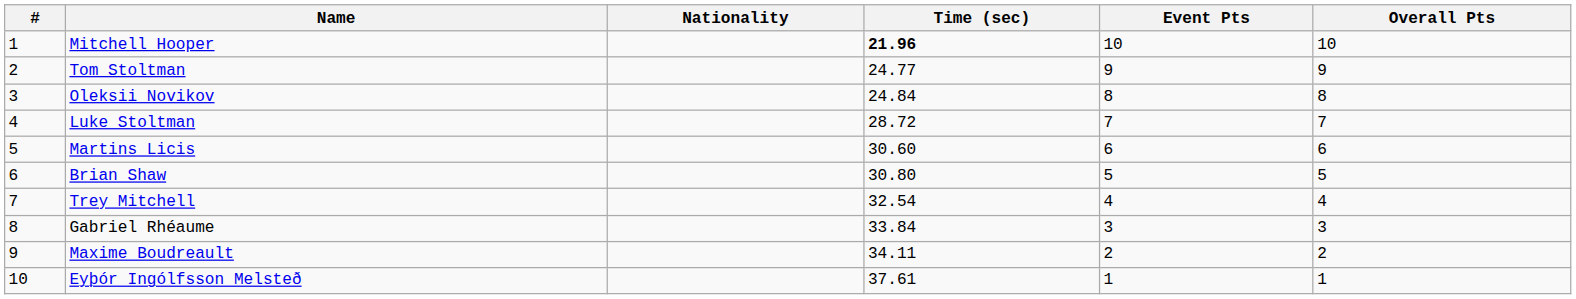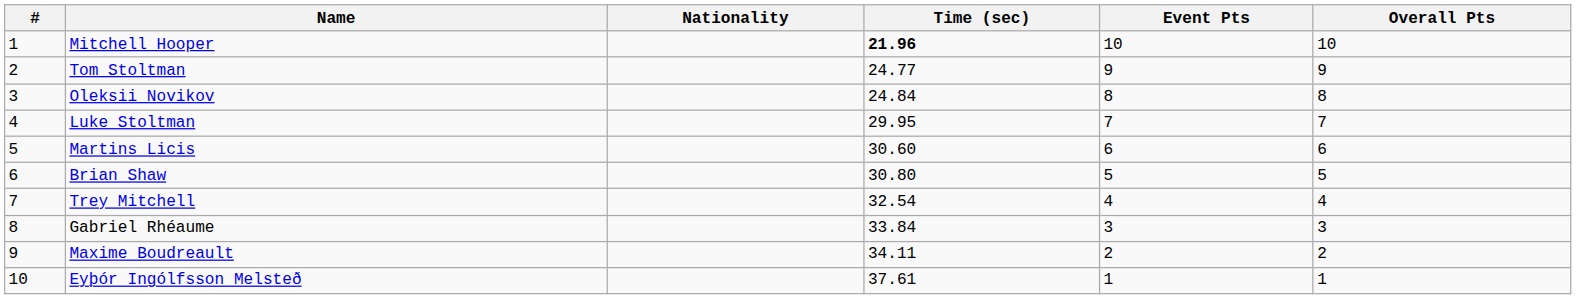 <table class="wikitable sortable" style="display: inline-table;width: 100%;">
 <tr>
 <th>#</th>
 <th>Name</th>
 <th>Nationality</th>
 <th>Time (sec)</th>
 <th>Event Pts</th>
 <th>Overall Pts</th>
 </tr>
 <tr>
 <td>1</td>
 <td><a href='#'>Mitchell Hooper</a></td>
 <td></td>
 <td><strong>21.96</strong></td>
 <td>10</td>
 <td>10</td>
 </tr>
 <tr>
 <td>2</td>
 <td><a href='#'>Tom Stoltman</a></td>
 <td></td>
 <td>24.77</td>
 <td>9</td>
 <td>9</td>
 </tr>
 <tr>
 <td>3</td>
 <td><a href='#'>Oleksii Novikov</a></td>
 <td></td>
 <td>24.84</td>
 <td>8</td>
 <td>8</td>
 </tr>
 <tr>
 <td>4</td>
 <td><a href='#'>Luke Stoltman</a></td>
 <td></td>
-<td>28.72</td>
+<td>29.95</td>
 <td>7</td>
 <td>7</td>
 </tr>
 <tr>
 <td>5</td>
 <td><a href='#'>Martins Licis</a></td>
 <td></td>
 <td>30.60</td>
 <td>6</td>
 <td>6</td>
 </tr>
 <tr>
 <td>6</td>
 <td><a href='#'>Brian Shaw</a></td>
 <td></td>
 <td>30.80</td>
 <td>5</td>
 <td>5</td>
 </tr>
 <tr>
 <td>7</td>
 <td><a href='#'>Trey Mitchell</a></td>
 <td></td>
 <td>32.54</td>
 <td>4</td>
 <td>4</td>
 </tr>
 <tr>
 <td>8</td>
 <td>Gabriel Rhéaume</td>
 <td></td>
 <td>33.84</td>
 <td>3</td>
 <td>3</td>
 </tr>
 <tr>
 <td>9</td>
 <td><a href='#'>Maxime Boudreault</a></td>
 <td></td>
 <td>34.11</td>
 <td>2</td>
 <td>2</td>
 </tr>
 <tr>
 <td>10</td>
 <td><a href='#'>Eyþór Ingólfsson Melsteð</a></td>
 <td></td>
 <td>37.61</td>
 <td>1</td>
 <td>1</td>
 </tr>
 </table>
